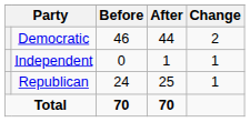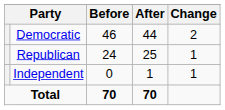 <table class="wikitable" style="text-align:center;">
 <tr>
 </tr>
 <tr>
 <th colspan=2>Party</th>
 <th>Before</th>
 <th>After</th>
 <th>Change</th>
 </tr>
 <tr>
 <th style="background-color:"></th>
 <td><a href='#'>Democratic</a></td>
 <td>46</td>
 <td>44</td>
 <td> 2</td>
 </tr>
 <tr>
 <th style="background-color:"></th>
-<td><a href='#'>Independent</a></td>
-<td>0</td>
-<td>1</td>
+<td><a href='#'>Republican</a></td>
+<td>24</td>
+<td>25</td>
 <td> 1</td>
 </tr>
 <tr>
 <th style="background-color:"></th>
-<td><a href='#'>Republican</a></td>
-<td>24</td>
-<td>25</td>
+<td><a href='#'>Independent</a></td>
+<td>0</td>
+<td>1</td>
 <td> 1</td>
 </tr>
 <tr>
 <td colspan=2><strong>Total</strong></td>
 <td><strong>70</strong></td>
 <td><strong>70</strong></td>
 <td></td>
 </tr>
 </table>
